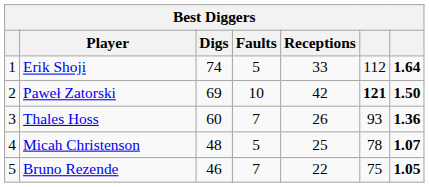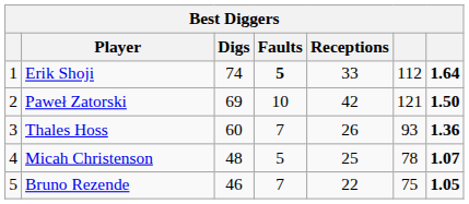 <table class="wikitable sortable" style=font-size:90%>
 <tr>
 <th colspan=7>Best Diggers</th>
 </tr>
 <tr>
 <th></th>
 <th width=158>Player</th>
 <th width=20>Digs</th>
 <th width=20>Faults</th>
 <th width=20>Receptions</th>
 <th width=20></th>
 <th width=20></th>
 </tr>
 <tr>
 <td align=center>1</td>
 <td> <a href='#'>Erik Shoji</a></td>
 <td align=center>74</td>
-<td align=center>5</td>
+<td align=center><strong>5</strong></td>
 <td align=center>33</td>
 <td align=center>112</td>
 <td align=center><strong>1.64</strong></td>
 </tr>
 <tr>
 <td align=center>2</td>
 <td> <a href='#'>Paweł Zatorski</a></td>
 <td align=center>69</td>
 <td align=center>10</td>
 <td align=center>42</td>
-<td align=center><strong>121</strong></td>
+<td align=center>121</td>
 <td align=center><strong>1.50</strong></td>
 </tr>
 <tr>
 <td align=center>3</td>
 <td> <a href='#'>Thales Hoss</a></td>
 <td align=center>60</td>
 <td align=center>7</td>
 <td align=center>26</td>
 <td align=center>93</td>
 <td align=center><strong>1.36</strong></td>
 </tr>
 <tr>
 <td align=center>4</td>
 <td> <a href='#'>Micah Christenson</a></td>
 <td align=center>48</td>
 <td align=center>5</td>
 <td align=center>25</td>
 <td align=center>78</td>
 <td align=center><strong>1.07</strong></td>
 </tr>
 <tr>
 <td align=center>5</td>
 <td> <a href='#'>Bruno Rezende</a></td>
 <td align=center>46</td>
 <td align=center>7</td>
 <td align=center>22</td>
 <td align=center>75</td>
 <td align=center><strong>1.05</strong></td>
 </tr>
 </table>
